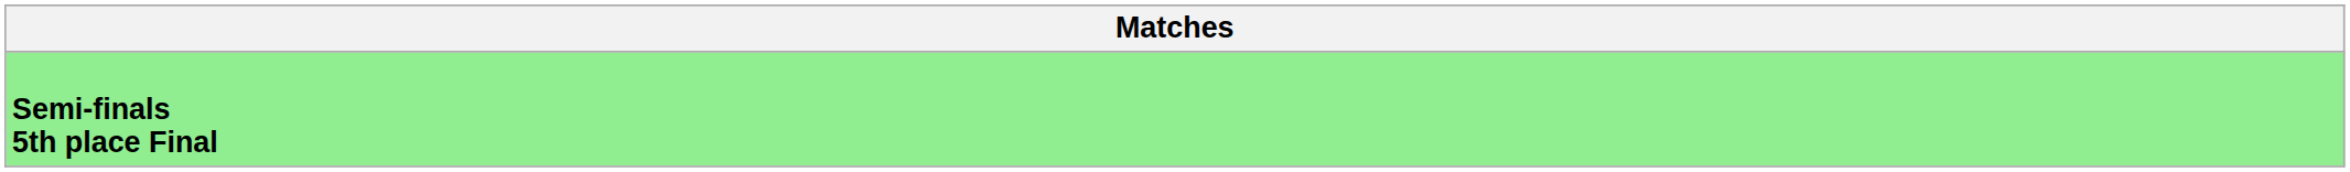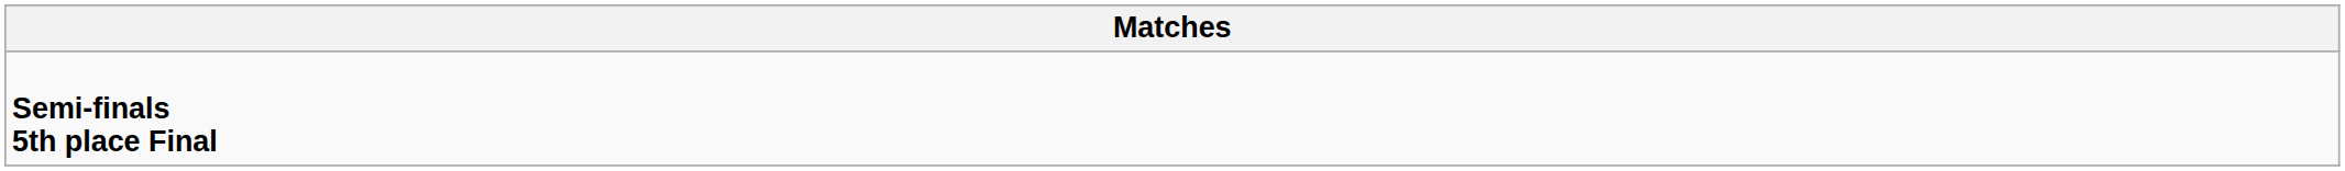 <table class="wikitable collapsible collapsed" style="width:100%;">
 <tr>
 <th>Matches</th>
 </tr>
 <tr>
-<td style="background: lightgreen;"><br><strong>Semi-finals</strong>   <br><strong>5th place Final</strong> </td>
+<td><br><strong>Semi-finals</strong>   <br><strong>5th place Final</strong> </td>
 </tr>
 </table>
